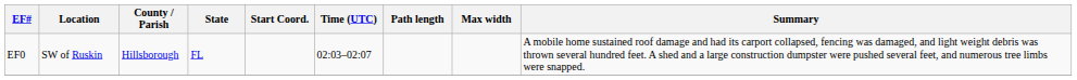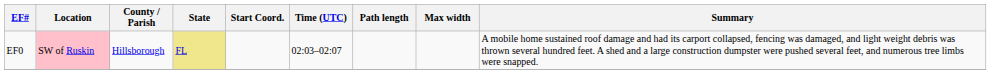 <table class="wikitable sortable" style="width:100%;">
 <tr>
 <th scope="col"  style="width:3%; text-align:center;"><a href='#'>EF#</a></th>
 <th scope="col"  style="width:7%; text-align:center;" class="unsortable">Location</th>
 <th scope="col"  style="width:6%; text-align:center;" class="unsortable">County / Parish</th>
 <th scope="col"  style="width:5%; text-align:center;">State</th>
 <th scope="col"  style="width:6%; text-align:center;">Start Coord.</th>
 <th scope="col"  style="width:6%; text-align:center;">Time (<a href='#'>UTC</a>)</th>
 <th scope="col"  style="width:6%; text-align:center;">Path length</th>
 <th scope="col"  style="width:6%; text-align:center;">Max width</th>
 <th scope="col" class="unsortable" style="width:48%; text-align:center;">Summary</th>
 </tr>
 <tr>
 <td bgcolor=>EF0</td>
-<td>SW of <a href='#'>Ruskin</a></td>
+<td style="background: pink;">SW of <a href='#'>Ruskin</a></td>
 <td><a href='#'>Hillsborough</a></td>
-<td><a href='#'>FL</a></td>
+<td style="background: khaki;"><a href='#'>FL</a></td>
 <td></td>
 <td>02:03–02:07</td>
 <td></td>
 <td></td>
 <td>A mobile home sustained roof damage and had its carport collapsed, fencing was damaged, and light weight debris was thrown several hundred feet. A shed and a large construction dumpster were pushed several feet, and numerous tree limbs were snapped.</td>
 </tr>
 <tr>
 </tr>
 </table>
